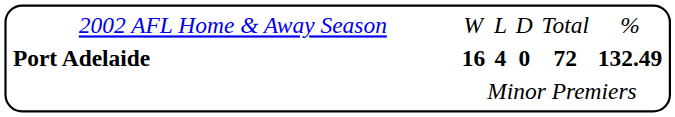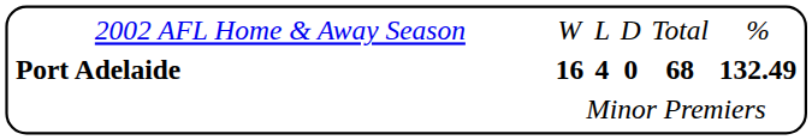 <table style="margin-right:4px; margin-top:8px; float:right; border:1px #000 solid; border-radius:8px; background:#fff; font-family:Verdana; font-size:8pt; text-align:center;">
 <tr>
 <td width=200><em><a href='#'>2002 AFL Home & Away Season</a></em></td>
 <td><em>W</em></td>
 <td><em>L</em></td>
 <td><em>D</em></td>
 <td><em>Total</em></td>
 <td><em>%</em></td>
 </tr>
 <tr>
 <td style="text-align:left"><strong>Port Adelaide</strong></td>
 <td><strong>16</strong></td>
 <td><strong>4</strong></td>
 <td><strong>0</strong></td>
-<td><strong>72</strong></td>
+<td><strong>68</strong></td>
 <td><strong>132.49</strong></td>
 </tr>
 <tr>
 <td></td>
 <td colspan=9><em>Minor Premiers</em></td>
 </tr>
 </table>
